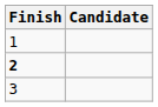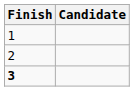 <table class="wikitable sortable">
 <tr>
 <th>Finish</th>
 <th>Candidate</th>
 </tr>
 <tr>
 <td>1</td>
 <td></td>
 </tr>
 <tr>
-<td><strong>2</strong></td>
+<td>2</td>
 <td></td>
 </tr>
 <tr>
-<td>3</td>
+<td><strong>3</strong></td>
 <td></td>
 </tr>
 </table>
